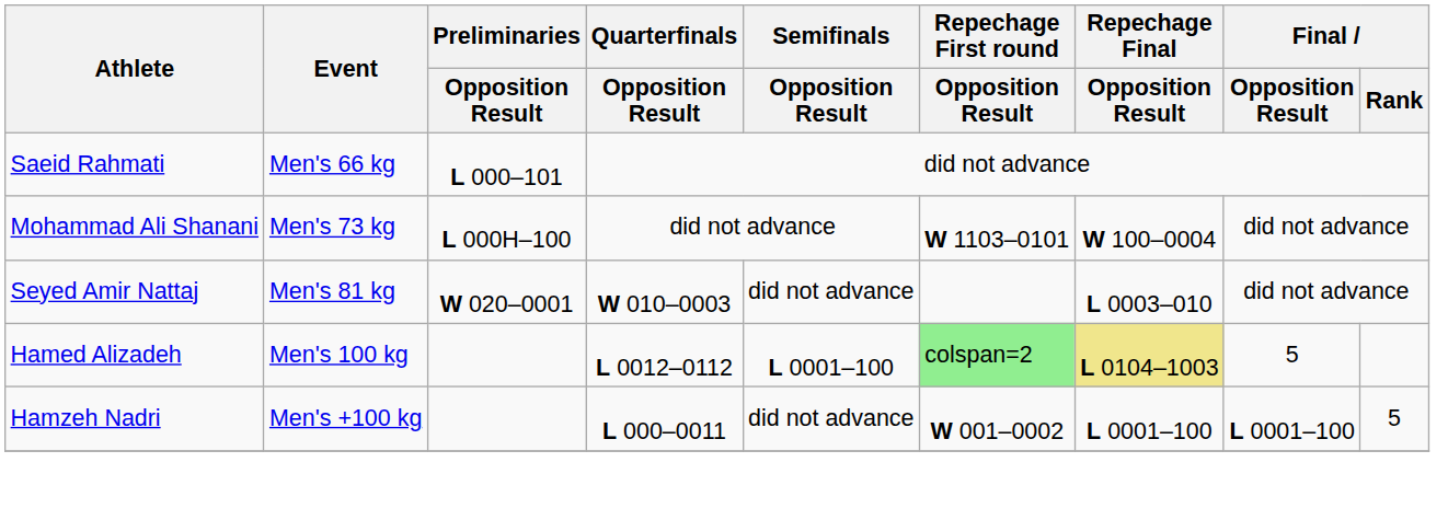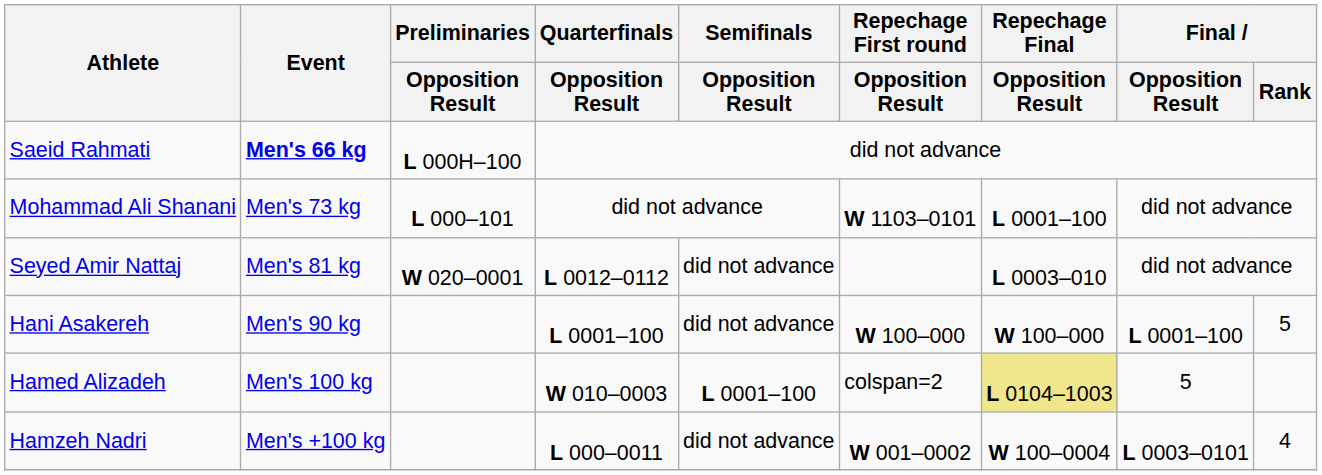 <table class="wikitable">
 <tr>
 <th rowspan="2">Athlete</th>
 <th rowspan="2">Event</th>
 <th>Preliminaries</th>
 <th>Quarterfinals</th>
 <th>Semifinals</th>
 <th>Repechage<br>First round</th>
 <th>Repechage<br>Final</th>
 <th colspan="2">Final / </th>
 </tr>
 <tr>
 <th>Opposition<br>Result</th>
 <th>Opposition<br>Result</th>
 <th>Opposition<br>Result</th>
 <th>Opposition<br>Result</th>
 <th>Opposition<br>Result</th>
 <th>Opposition<br>Result</th>
 <th>Rank</th>
 </tr>
 <tr>
 <td><a href='#'>Saeid Rahmati</a></td>
-<td><a href='#'>Men's 66 kg</a></td>
-<td align="center"><br><strong>L</strong> 000–101</td>
+<td><strong><a href='#'>Men's 66 kg</a></strong></td>
+<td align="center"><br><strong>L</strong> 000H–100</td>
 <td align="center" colspan="6">did not advance</td>
 </tr>
 <tr>
 <td><a href='#'>Mohammad Ali Shanani</a></td>
 <td><a href='#'>Men's 73 kg</a></td>
-<td align="center"><br><strong>L</strong> 000H–100</td>
+<td align="center"><br><strong>L</strong> 000–101</td>
 <td align="center" colspan="2">did not advance</td>
 <td align="center"><br><strong>W</strong> 1103–0101</td>
-<td align="center"><br><strong>W</strong> 100–0004</td>
+<td align="center"><br><strong>L</strong> 0001–100</td>
 <td align="center" colspan="2">did not advance</td>
 </tr>
 <tr>
 <td><a href='#'>Seyed Amir Nattaj</a></td>
 <td><a href='#'>Men's 81 kg</a></td>
 <td align="center"><br><strong>W</strong> 020–0001</td>
-<td align="center"><br><strong>W</strong> 010–0003</td>
+<td align="center"><br><strong>L</strong> 0012–0112</td>
 <td align="center">did not advance</td>
 <td></td>
 <td align="center"><br><strong>L</strong> 0003–010</td>
 <td align="center" colspan="2">did not advance</td>
 </tr>
 <tr>
+<td><a href='#'>Hani Asakereh</a></td>
+<td><a href='#'>Men's 90 kg</a></td>
+<td></td>
+<td align="center"><br><strong>L</strong> 0001–100</td>
+<td align="center">did not advance</td>
+<td align="center"><br><strong>W</strong> 100–000</td>
+<td align="center"><br><strong>W</strong> 100–000</td>
+<td align="center"><br><strong>L</strong> 0001–100</td>
+<td align="center">5</td>
+</tr>
+<tr>
 <td><a href='#'>Hamed Alizadeh</a></td>
 <td><a href='#'>Men's 100 kg</a></td>
 <td></td>
-<td align="center"><br><strong>L</strong> 0012–0112</td>
+<td align="center"><br><strong>W</strong> 010–0003</td>
 <td align="center"><br><strong>L</strong> 0001–100</td>
-<td style="background: lightgreen;">colspan=2 </td>
+<td>colspan=2 </td>
 <td align="center" style="background: khaki;"><br><strong>L</strong> 0104–1003</td>
 <td align="center">5</td>
 </tr>
 <tr>
 <td><a href='#'>Hamzeh Nadri</a></td>
 <td><a href='#'>Men's +100 kg</a></td>
 <td></td>
 <td align="center"><br><strong>L</strong> 000–0011</td>
 <td align="center">did not advance</td>
 <td align="center"><br><strong>W</strong> 001–0002</td>
-<td align="center"><br><strong>L</strong> 0001–100</td>
-<td align="center"><br><strong>L</strong> 0001–100</td>
-<td align="center">5</td>
+<td align="center"><br><strong>W</strong> 100–0004</td>
+<td align="center"><br><strong>L</strong> 0003–0101</td>
+<td align="center">4</td>
 </tr>
 <tr>
 </tr>
 </table>
